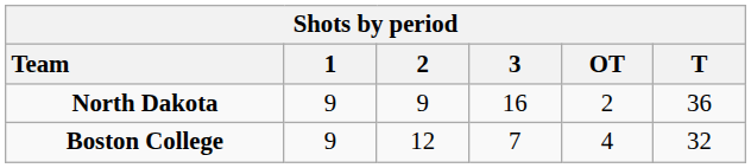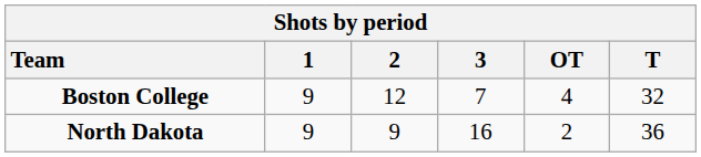 <table class="wikitable" style="width:30em; text-align:right;">
 <tr>
 <th colspan=6>Shots by period</th>
 </tr>
 <tr>
 <th style="width:10em; text-align:left;">Team</th>
 <th style="width:3em;">1</th>
 <th style="width:3em;">2</th>
 <th style="width:3em;">3</th>
 <th style="width:3em;">OT</th>
 <th style="width:3em;">T</th>
 </tr>
 <tr>
+<td align=center><strong>Boston College</strong></td>
+<td align=center>9</td>
+<td align=center>12</td>
+<td align=center>7</td>
+<td align=center>4</td>
+<td align=center>32</td>
+</tr>
+<tr>
 <td align=center><strong>North Dakota</strong></td>
 <td align=center>9</td>
 <td align=center>9</td>
 <td align=center>16</td>
 <td align=center>2</td>
 <td align=center>36</td>
 </tr>
-<tr>
-<td align=center><strong>Boston College</strong></td>
-<td align=center>9</td>
-<td align=center>12</td>
-<td align=center>7</td>
-<td align=center>4</td>
-<td align=center>32</td>
-</tr>
 </table>
